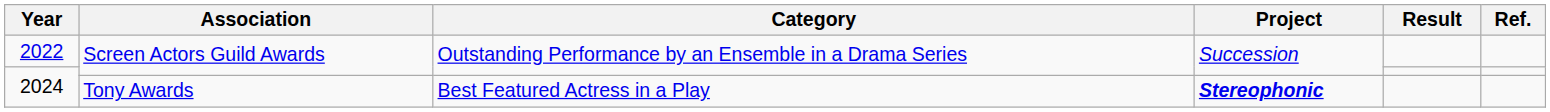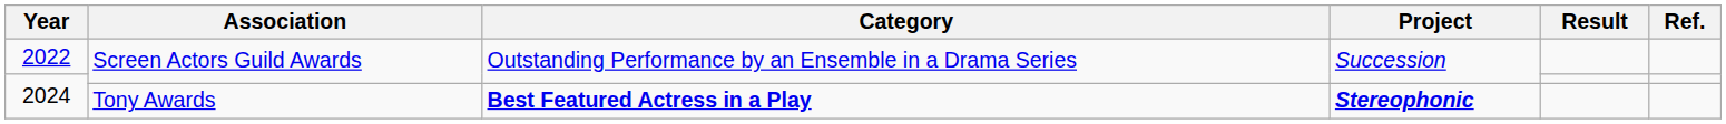 <table class="wikitable" width="100%">
 <tr>
 <th>Year</th>
 <th>Association</th>
 <th>Category</th>
 <th>Project</th>
 <th>Result</th>
 <th>Ref.</th>
 </tr>
 <tr>
 <td align="center"><a href='#'>2022</a></td>
 <td rowspan="2"><a href='#'>Screen Actors Guild Awards</a></td>
 <td rowspan="2"><a href='#'>Outstanding Performance by an Ensemble in a Drama Series</a></td>
 <td rowspan="2"><em><a href='#'>Succession</a></em></td>
 <td></td>
 <td align="center"></td>
 </tr>
 <tr>
 <td rowspan="2" align="center">2024</td>
 <td></td>
 <td align="center"></td>
 </tr>
 <tr>
 <td><a href='#'>Tony Awards</a></td>
-<td><a href='#'>Best Featured Actress in a Play</a></td>
+<td><strong><a href='#'>Best Featured Actress in a Play</a></strong></td>
 <td><strong><em><a href='#'>Stereophonic</a></em></strong></td>
 <td></td>
 <td></td>
 </tr>
 </table>
